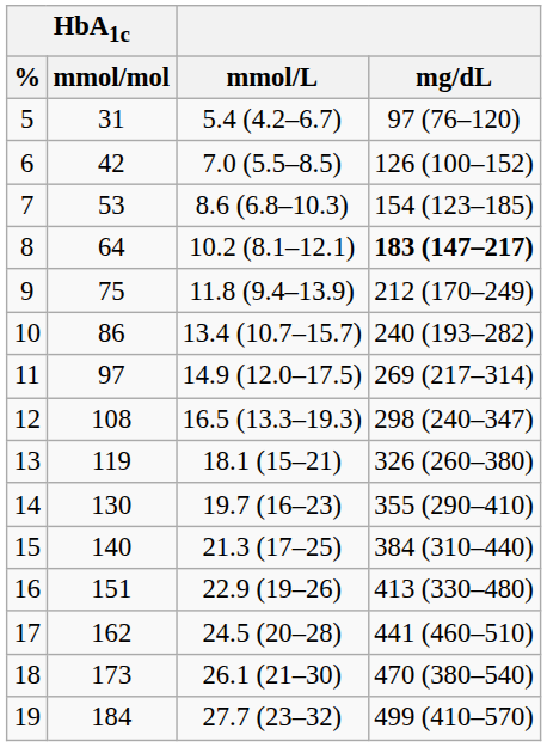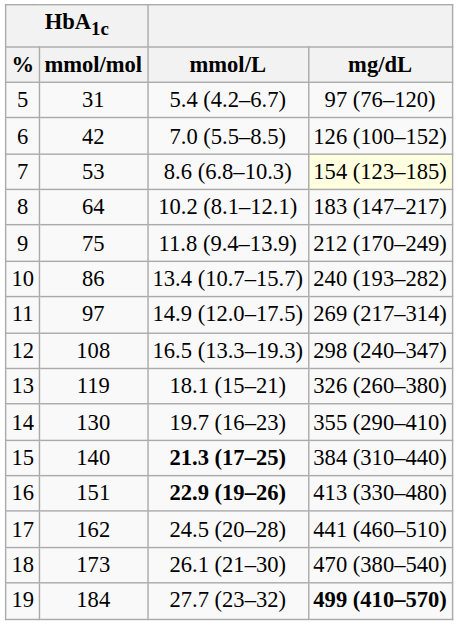 <table class="wikitable" style="text-align:center; margin:auto;">
 <tr>
 <th colspan="2">HbA<sub>1c</sub></th>
 <th colspan="2"></th>
 </tr>
 <tr>
 <th>%</th>
 <th>mmol/mol</th>
 <th>mmol/L</th>
 <th>mg/dL</th>
 </tr>
 <tr>
 <td>5</td>
 <td>31</td>
 <td>5.4 (4.2–6.7)</td>
 <td>97 (76–120)</td>
 </tr>
 <tr>
 <td>6</td>
 <td>42</td>
 <td>7.0 (5.5–8.5)</td>
 <td>126 (100–152)</td>
 </tr>
 <tr>
 <td>7</td>
 <td>53</td>
 <td>8.6 (6.8–10.3)</td>
-<td>154 (123–185)</td>
+<td style="background: lightyellow;">154 (123–185)</td>
 </tr>
 <tr>
 <td>8</td>
 <td>64</td>
 <td>10.2 (8.1–12.1)</td>
-<td><strong>183 (147–217)</strong></td>
+<td>183 (147–217)</td>
 </tr>
 <tr>
 <td>9</td>
 <td>75</td>
 <td>11.8 (9.4–13.9)</td>
 <td>212 (170–249)</td>
 </tr>
 <tr>
 <td>10</td>
 <td>86</td>
 <td>13.4 (10.7–15.7)</td>
 <td>240 (193–282)</td>
 </tr>
 <tr>
 <td>11</td>
 <td>97</td>
 <td>14.9 (12.0–17.5)</td>
 <td>269 (217–314)</td>
 </tr>
 <tr>
 <td>12</td>
 <td>108</td>
 <td>16.5 (13.3–19.3)</td>
 <td>298 (240–347)</td>
 </tr>
 <tr>
 <td>13</td>
 <td>119</td>
 <td>18.1 (15–21)</td>
 <td>326 (260–380)</td>
 </tr>
 <tr>
 <td>14</td>
 <td>130</td>
 <td>19.7 (16–23)</td>
 <td>355 (290–410)</td>
 </tr>
 <tr>
 <td>15</td>
 <td>140</td>
-<td>21.3 (17–25)</td>
+<td><strong>21.3 (17–25)</strong></td>
 <td>384 (310–440)</td>
 </tr>
 <tr>
 <td>16</td>
 <td>151</td>
-<td>22.9 (19–26)</td>
+<td><strong>22.9 (19–26)</strong></td>
 <td>413 (330–480)</td>
 </tr>
 <tr>
 <td>17</td>
 <td>162</td>
 <td>24.5 (20–28)</td>
 <td>441 (460–510)</td>
 </tr>
 <tr>
 <td>18</td>
 <td>173</td>
 <td>26.1 (21–30)</td>
 <td>470 (380–540)</td>
 </tr>
 <tr>
 <td>19</td>
 <td>184</td>
 <td>27.7 (23–32)</td>
-<td>499 (410–570)</td>
+<td><strong>499 (410–570)</strong></td>
 </tr>
 </table>
